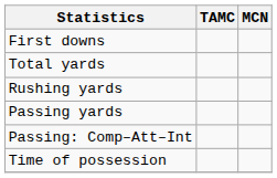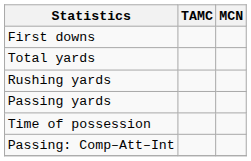 <table class="wikitable" style="float: left;">
 <tr>
 <th>Statistics</th>
 <th>TAMC</th>
 <th>MCN</th>
 </tr>
 <tr>
 <td>First downs</td>
 <td></td>
 <td></td>
 </tr>
 <tr>
 <td>Total yards</td>
 <td></td>
 <td></td>
 </tr>
 <tr>
 <td>Rushing yards</td>
 <td></td>
 <td></td>
 </tr>
 <tr>
 <td>Passing yards</td>
 <td></td>
 <td></td>
 </tr>
 <tr>
-<td>Passing: Comp–Att–Int</td>
+<td>Time of possession</td>
 <td></td>
 <td></td>
 </tr>
 <tr>
-<td>Time of possession</td>
+<td>Passing: Comp–Att–Int</td>
 <td></td>
 <td></td>
 </tr>
 <tr>
 </tr>
 </table>
